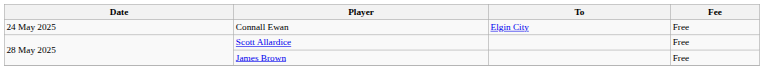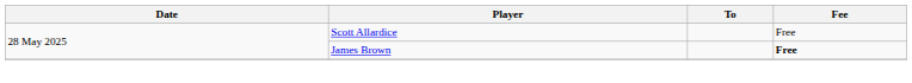 <table class="wikitable" style="text-align:center; font-size:95%;width:98%; text-align:left">
 <tr>
 <th><strong>Date</strong></th>
 <th><strong>Player</strong></th>
 <th><strong>To</strong></th>
 <th><strong>Fee</strong></th>
-</tr>
-<tr>
-<td>24 May 2025</td>
-<td> Connall Ewan</td>
-<td> <a href='#'>Elgin City</a></td>
-<td>Free</td>
 </tr>
 <tr>
 <td rowspan=2>28 May 2025</td>
 <td> <a href='#'>Scott Allardice</a></td>
 <td></td>
 <td>Free</td>
 </tr>
 <tr>
 <td> <a href='#'>James Brown</a></td>
 <td></td>
-<td>Free</td>
+<td><strong>Free</strong></td>
 </tr>
 <tr>
 </tr>
 </table>
